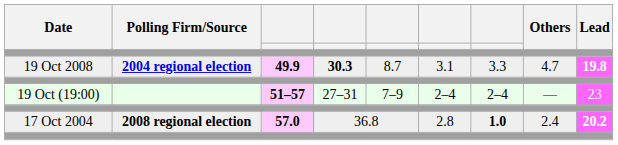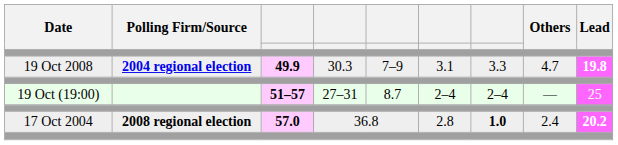 <table class="wikitable" style="text-align:center;font-size:95%;line-height:16px">
 <tr style="height:42px;">
 <th style="width:110px;" rowspan="2">Date</th>
 <th style="width:155px;" rowspan="2">Polling Firm/Source</th>
 <th style="width:50px;"></th>
 <th style="width:50px;"></th>
 <th style="width:50px;"></th>
 <th style="width:50px;"></th>
 <th style="width:50px;"></th>
 <th style="width:50px;" rowspan="2">Others</th>
 <th style="width:20px;" rowspan="2">Lead</th>
 </tr>
 <tr>
 <th style="color:inherit;background:"></th>
 <th style="color:inherit;background:"></th>
 <th style="color:inherit;background:"></th>
 <th style="color:inherit;background:"></th>
 <th style="color:inherit;background:"></th>
 </tr>
 <tr>
 <td colspan="9" style="background:#A0A0A0"></td>
 </tr>
 <tr style="background:#EFEFEF">
 <td>19 Oct 2008</td>
 <td><strong><a href='#'>2004 regional election</a></strong></td>
 <td style="background:#FFCBFF"><strong>49.9</strong><br></td>
-<td><strong>30.3<br></strong></td>
-<td>8.7<br></td>
+<td>30.3<br></td>
+<td>7–9<br></td>
 <td>3.1<br></td>
 <td>3.3<br></td>
 <td>4.7<br></td>
 <td style="background:#FF66FF; color:white;"><strong>19.8</strong></td>
 </tr>
 <tr>
 <td colspan="9" style="background:#A0A0A0"></td>
 </tr>
 <tr style="background:#EAFFEA">
 <td>19 Oct <span>(19:00)</span></td>
 <td></td>
 <td style="background:#FFCBFF"><strong>51–57</strong><br></td>
 <td>27–31<br></td>
-<td>7–9<br></td>
+<td>8.7<br></td>
 <td>2–4<br></td>
 <td>2–4<br></td>
 <td>—</td>
-<td style="background:#FF66FF; color:white">23</td>
+<td style="background:#FF66FF; color:white">25</td>
 </tr>
 <tr>
 <td colspan="9" style="background:#A0A0A0"></td>
 </tr>
 <tr style="background:#EFEFEF">
 <td>17 Oct 2004</td>
 <td><strong>2008 regional election</strong></td>
 <td style="background:#FFCBFF"><strong>57.0</strong><br></td>
 <td colspan="2">36.8<br></td>
 <td>2.8<br></td>
 <td><strong>1.0<br></strong></td>
 <td>2.4<br></td>
 <td style="background:#FF66FF; color:white;"><strong>20.2</strong></td>
 </tr>
 <tr>
 <td colspan="9" style="background:#A0A0A0"></td>
 </tr>
 </table>
